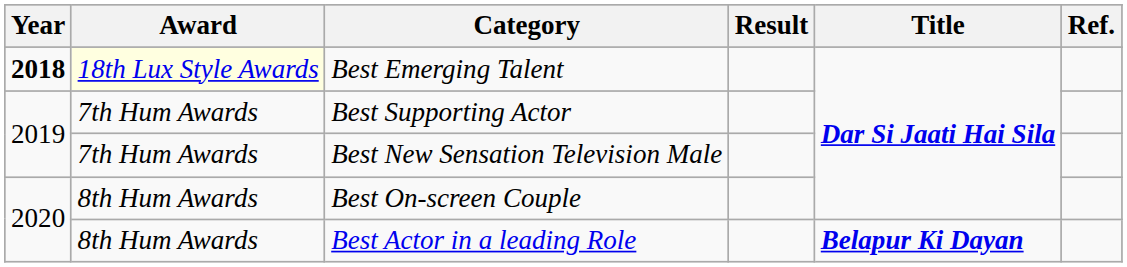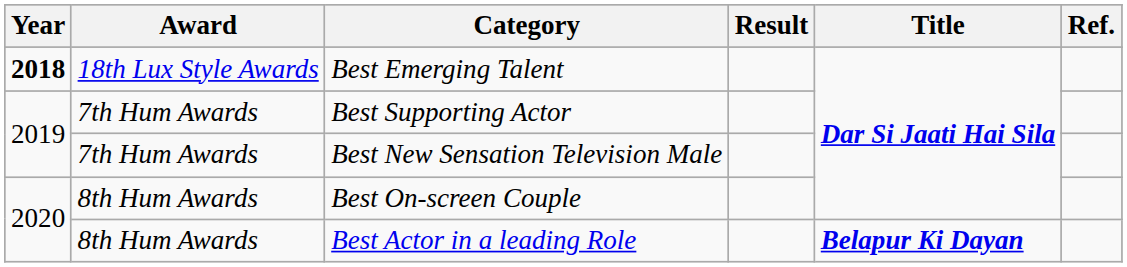 <table class="wikitable">
 <tr>
 <th>Year</th>
 <th>Award</th>
 <th>Category</th>
 <th>Result</th>
 <th>Title</th>
 <th>Ref.</th>
 </tr>
 <tr>
 <td><strong>2018</strong></td>
-<td style="background: lightyellow;"><em><a href='#'>18th Lux Style Awards</a></em> </td>
+<td><em><a href='#'>18th Lux Style Awards</a></em> </td>
 <td><em>Best Emerging Talent</em></td>
 <td></td>
 <td rowspan="4"><em><a href='#'><strong>Dar Si Jaati Hai Sila</strong></a></em></td>
 <td></td>
 </tr>
 <tr>
 <td rowspan="2">2019</td>
 <td><em>7th Hum Awards</em></td>
 <td><em>Best Supporting Actor</em></td>
 <td></td>
 <td></td>
 </tr>
 <tr>
 <td><em>7th Hum Awards</em></td>
 <td><em>Best New Sensation Television Male</em></td>
 <td></td>
 <td></td>
 </tr>
 <tr>
 <td rowspan="2">2020</td>
 <td><em>8th Hum Awards</em></td>
 <td><em>Best On-screen Couple</em></td>
 <td></td>
 <td></td>
 </tr>
 <tr>
 <td><em>8th Hum Awards</em></td>
 <td><em><a href='#'>Best Actor in a leading Role</a></em></td>
 <td></td>
 <td><em><a href='#'><strong>Belapur Ki Dayan</strong></a></em></td>
 <td></td>
 </tr>
 </table>
